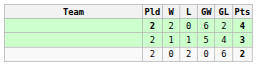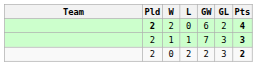 <table class="wikitable" style="text-align:center">
 <tr>
 <th width=200>Team</th>
 <th width=20>Pld</th>
 <th width=20>W</th>
 <th width=20>L</th>
 <th width=20>GW</th>
 <th width=20>GL</th>
 <th width=20>Pts</th>
 </tr>
 <tr bgcolor="ccffcc">
 <td style="text-align:left;"></td>
 <td><strong>2</strong></td>
 <td>2</td>
 <td>0</td>
 <td>6</td>
 <td>2</td>
 <td><strong>4</strong></td>
 </tr>
 <tr bgcolor="ccffcc">
 <td style="text-align:left;"></td>
 <td>2</td>
 <td>1</td>
 <td>1</td>
-<td>5</td>
-<td>4</td>
+<td>7</td>
+<td>3</td>
 <td><strong>3</strong></td>
 </tr>
 <tr>
 <td style="text-align:left;"></td>
 <td>2</td>
 <td>0</td>
 <td>2</td>
-<td>0</td>
-<td>6</td>
+<td>2</td>
+<td>3</td>
 <td><strong>2</strong></td>
 </tr>
 </table>
